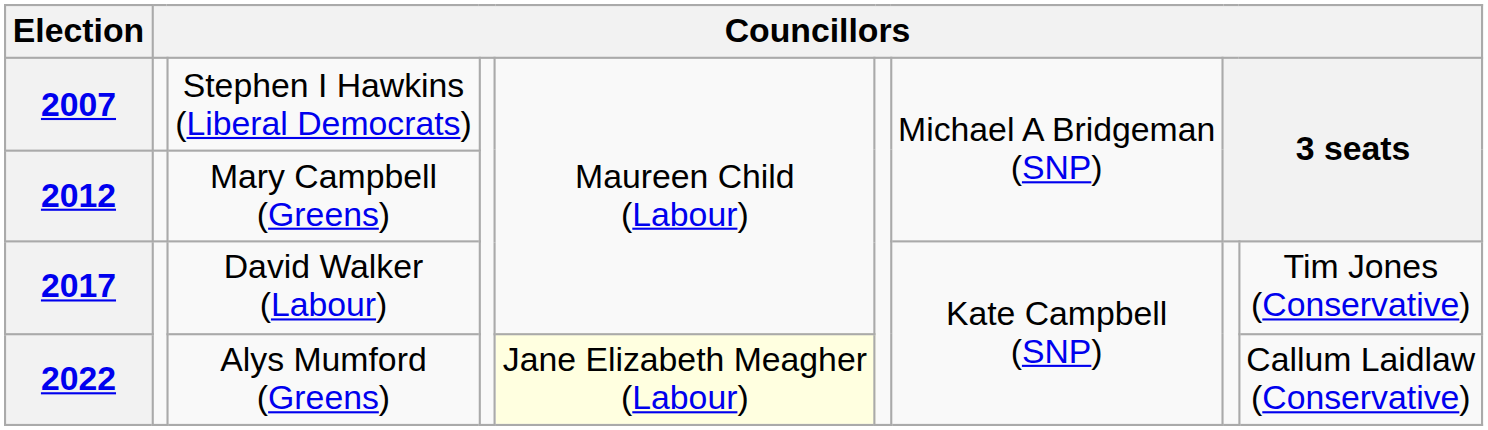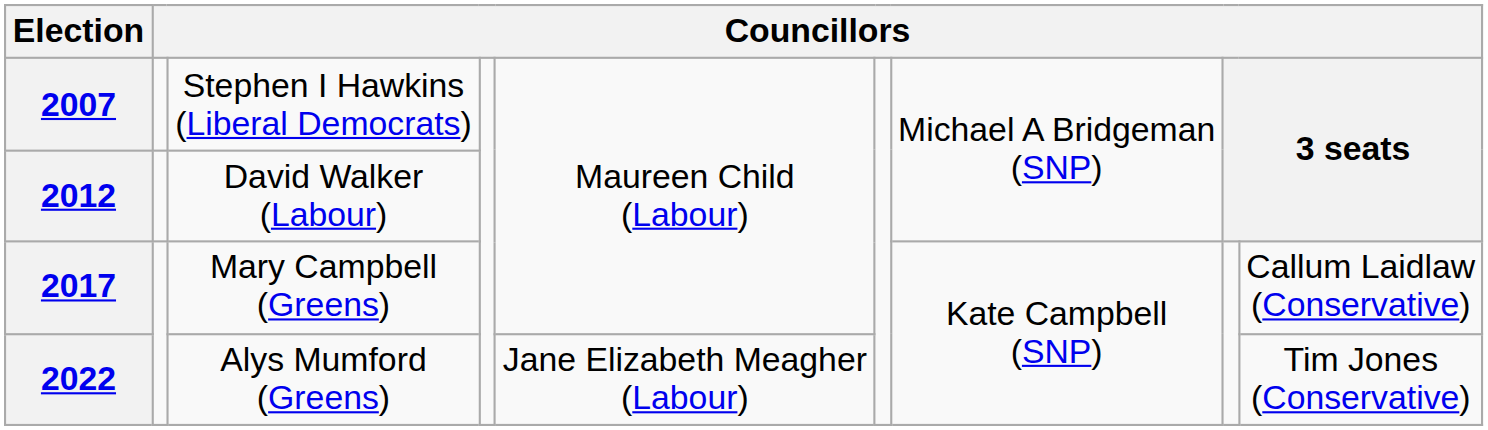 <table class="wikitable" style="text-align:center">
 <tr>
 <th>Election</th>
 <th colspan=8>Councillors</th>
 </tr>
 <tr>
 <th><a href='#'>2007</a></th>
 <td rowspan=1; style="background-color: "></td>
 <td rowspan=1>Stephen I Hawkins<br>(<a href='#'>Liberal Democrats</a>)</td>
 <td rowspan=4; style="background-color: "></td>
 <td rowspan=3>Maureen Child<br>(<a href='#'>Labour</a>)</td>
 <td rowspan=4; style="background-color: "></td>
 <td rowspan=2>Michael A Bridgeman<br>(<a href='#'>SNP</a>)</td>
 <th colspan=2; rowspan=2>3 seats</th>
 </tr>
 <tr>
 <th><a href='#'>2012</a></th>
 <td rowspan=1; style="background-color: "></td>
-<td rowspan=1>Mary Campbell<br>(<a href='#'>Greens</a>)</td>
+<td rowspan=1>David Walker<br>(<a href='#'>Labour</a>)</td>
 </tr>
 <tr>
 <th><a href='#'>2017</a></th>
 <td rowspan=2; style="background-color: "></td>
-<td rowspan=1>David Walker<br>(<a href='#'>Labour</a>)</td>
+<td rowspan=1>Mary Campbell<br>(<a href='#'>Greens</a>)</td>
 <td rowspan=2>Kate Campbell<br>(<a href='#'>SNP</a>)</td>
 <td rowspan=2; style="background-color: "></td>
-<td rowspan=1>Tim Jones<br>(<a href='#'>Conservative</a>)</td>
+<td rowspan=1>Callum Laidlaw<br>(<a href='#'>Conservative</a>)</td>
 </tr>
 <tr>
 <th><a href='#'>2022</a></th>
 <td rowspan=1>Alys Mumford<br>(<a href='#'>Greens</a>)</td>
-<td rowspan=1 style="background: lightyellow;">Jane Elizabeth Meagher<br>(<a href='#'>Labour</a>)</td>
-<td rowspan=1>Callum Laidlaw<br>(<a href='#'>Conservative</a>)</td>
+<td rowspan=1>Jane Elizabeth Meagher<br>(<a href='#'>Labour</a>)</td>
+<td rowspan=1>Tim Jones<br>(<a href='#'>Conservative</a>)</td>
 </tr>
 </table>
